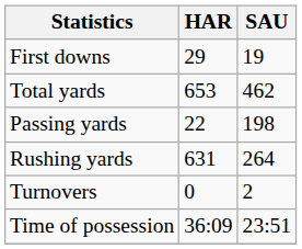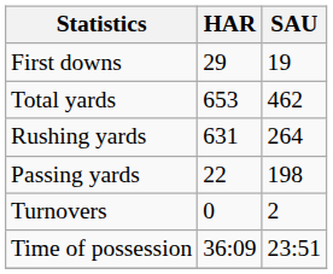 <table class="wikitable" style="float: left;">
 <tr>
 <th>Statistics</th>
 <th>HAR</th>
 <th>SAU</th>
 </tr>
 <tr>
 <td>First downs</td>
 <td>29</td>
 <td>19</td>
 </tr>
 <tr>
 <td>Total yards</td>
 <td>653</td>
 <td>462</td>
 </tr>
 <tr>
+<td>Rushing yards</td>
+<td>631</td>
+<td>264</td>
+</tr>
+<tr>
 <td>Passing yards</td>
 <td>22</td>
 <td>198</td>
-</tr>
-<tr>
-<td>Rushing yards</td>
-<td>631</td>
-<td>264</td>
 </tr>
 <tr>
 <td>Turnovers</td>
 <td>0</td>
 <td>2</td>
 </tr>
 <tr>
 <td>Time of possession</td>
 <td>36:09</td>
 <td>23:51</td>
 </tr>
 <tr>
 </tr>
 </table>
